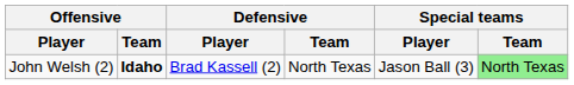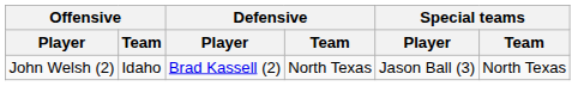 <table class="wikitable">
 <tr>
 <th colspan="2">Offensive</th>
 <th colspan="2">Defensive</th>
 <th colspan="2">Special teams</th>
 </tr>
 <tr>
 <th>Player</th>
 <th>Team</th>
 <th>Player</th>
 <th>Team</th>
 <th>Player</th>
 <th>Team</th>
 </tr>
 <tr>
 <td>John Welsh (2)</td>
-<td><strong>Idaho</strong></td>
+<td>Idaho</td>
 <td><a href='#'>Brad Kassell</a> (2)</td>
 <td>North Texas</td>
 <td>Jason Ball (3)</td>
-<td style="background: lightgreen;">North Texas</td>
+<td>North Texas</td>
 </tr>
 </table>
